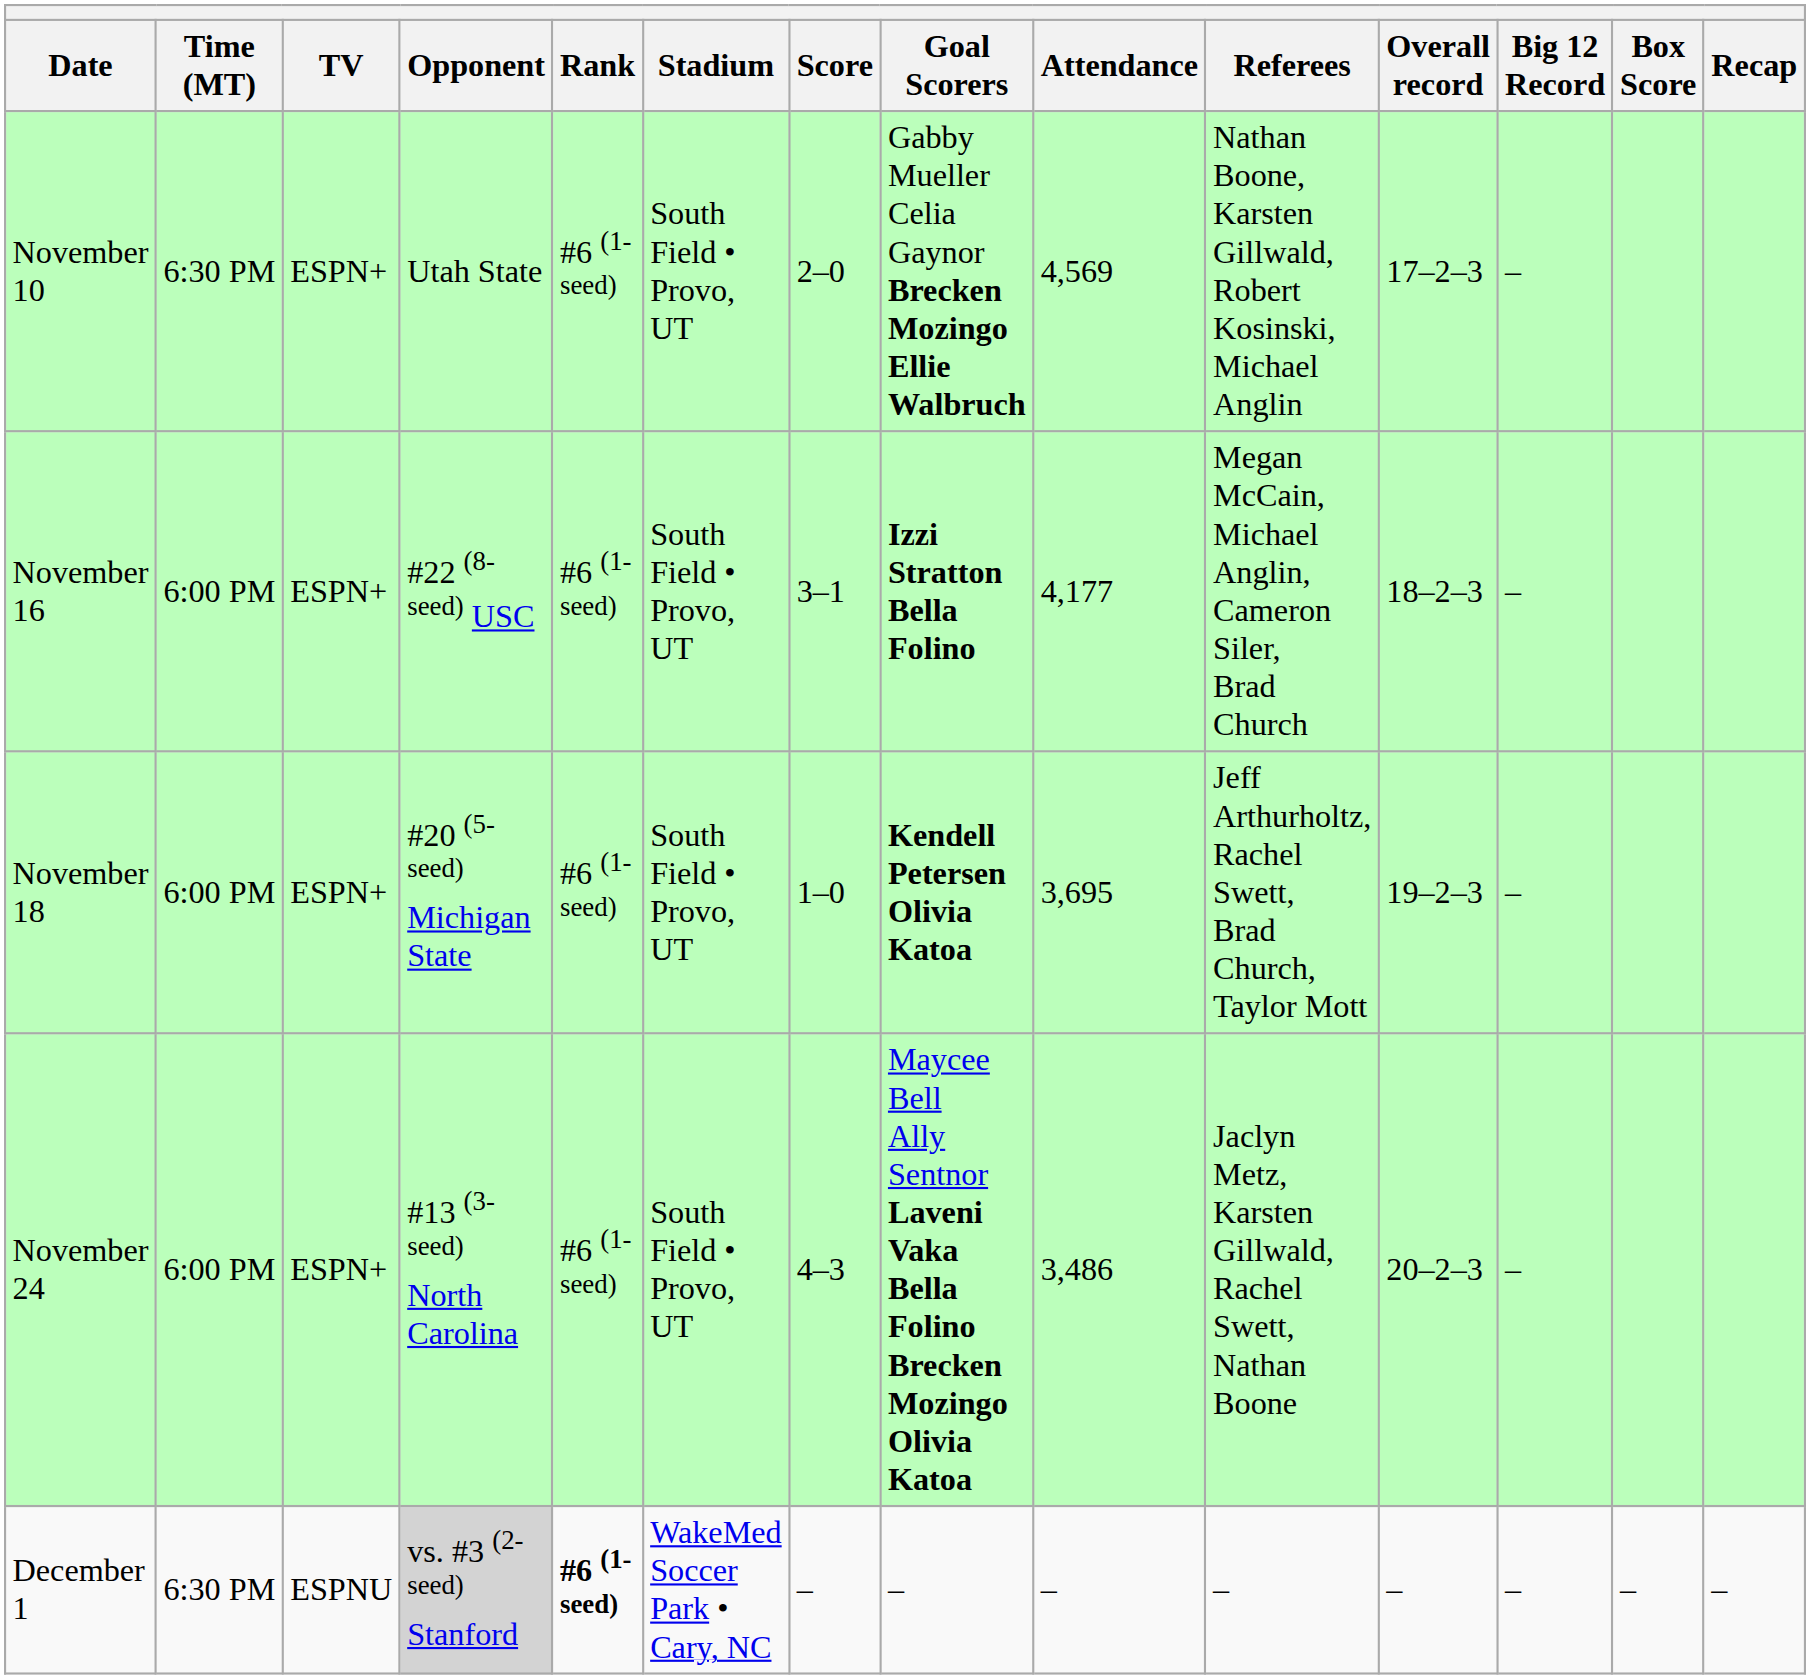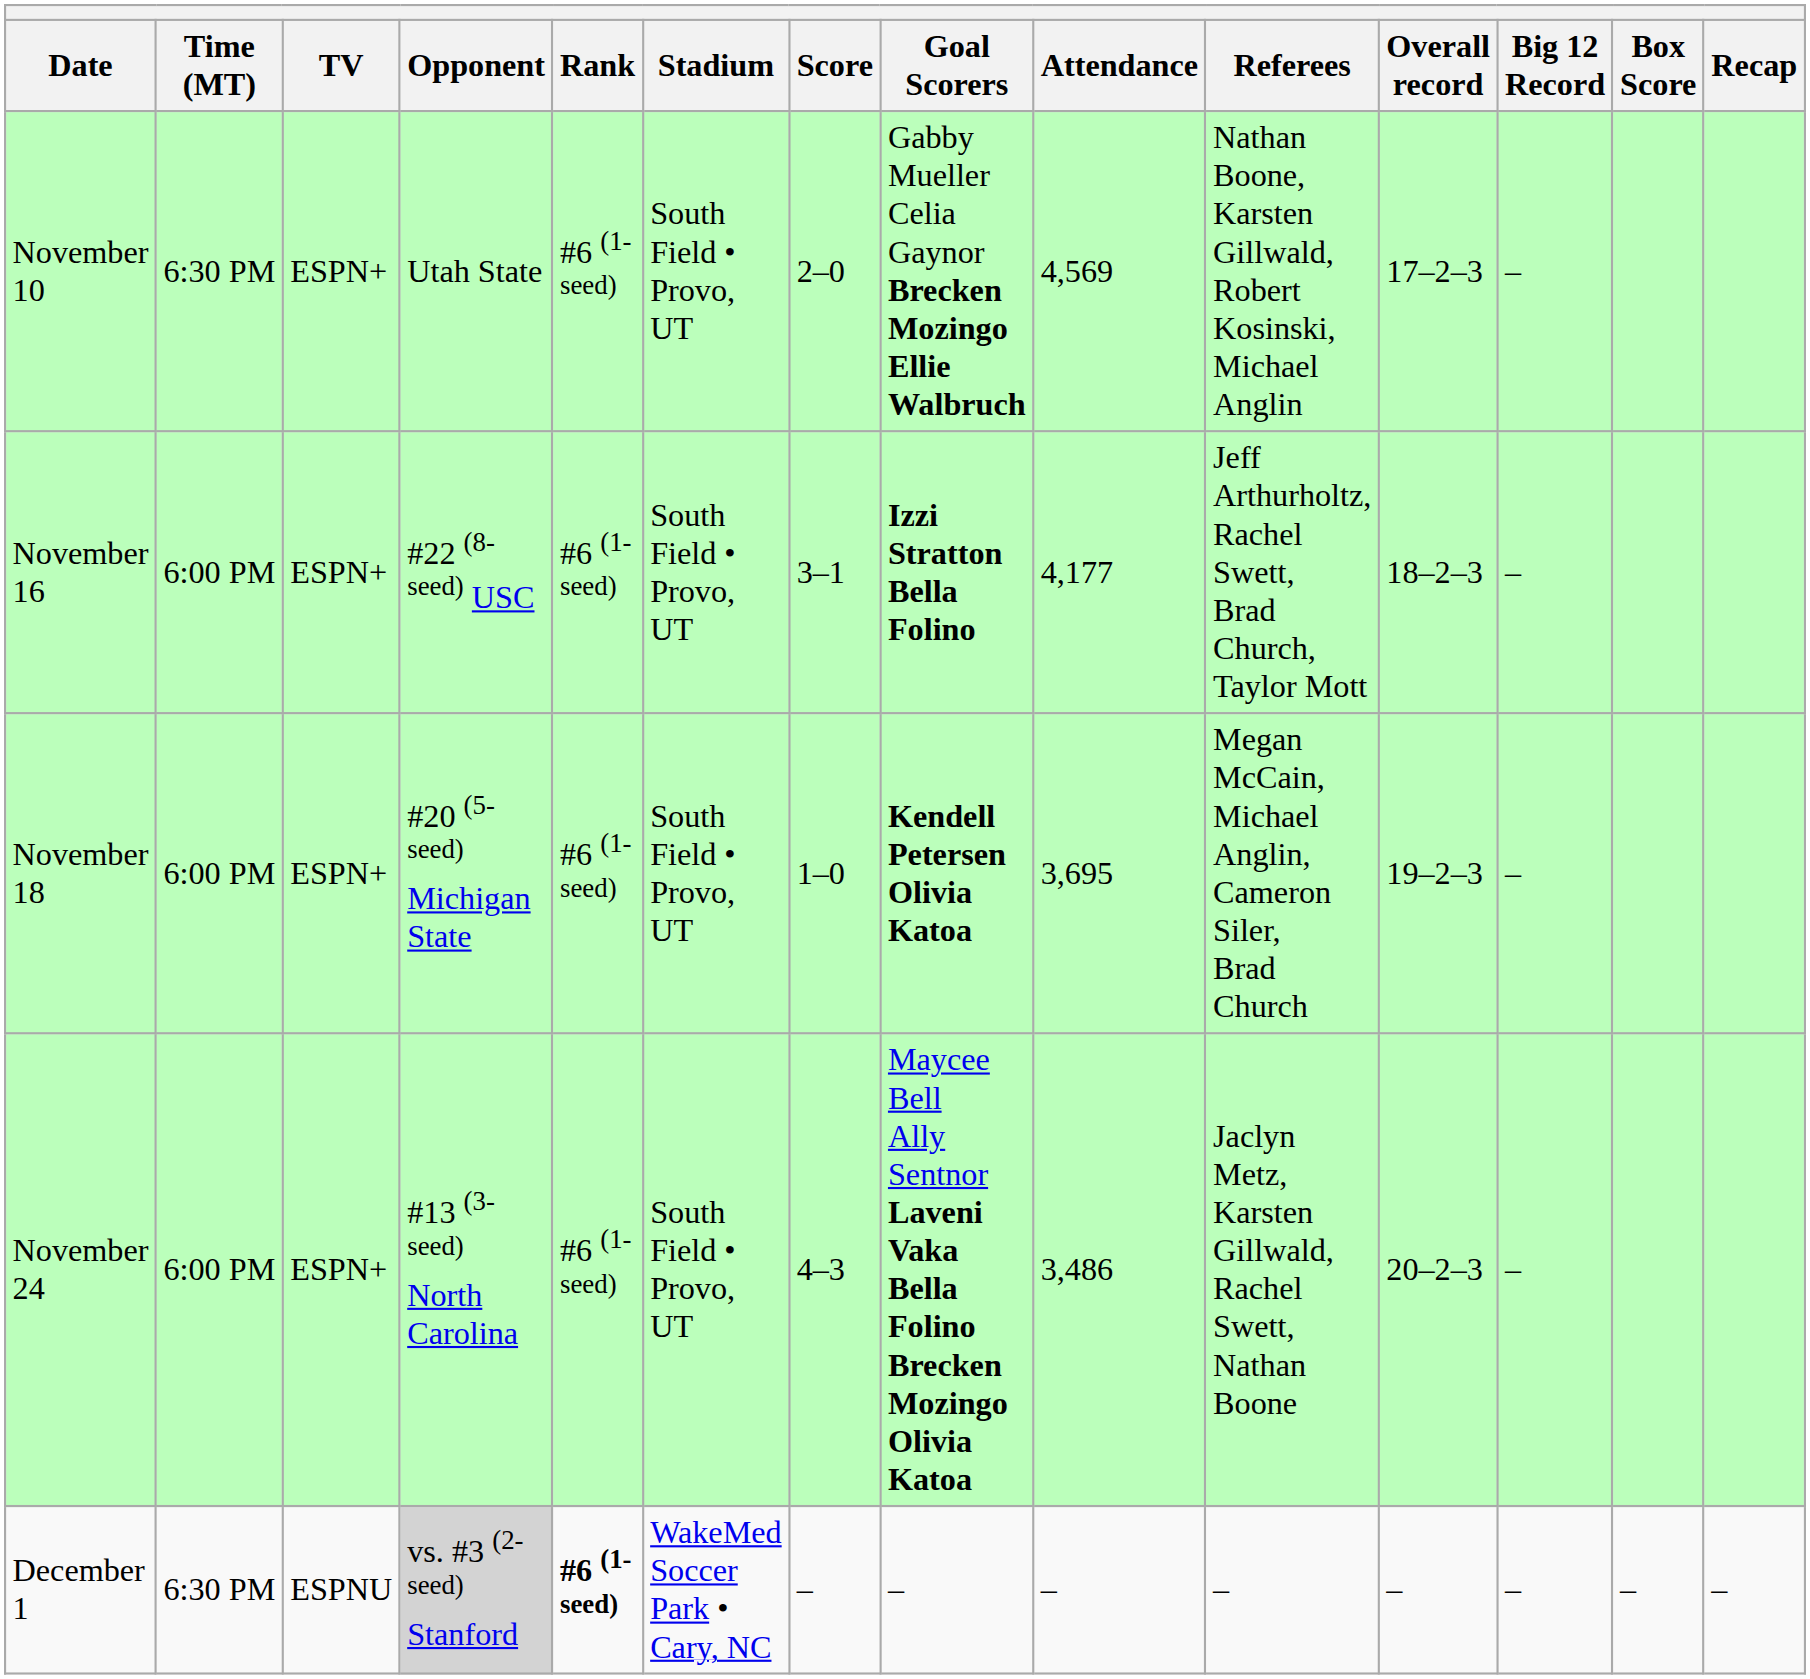 <table class="wikitable collapsible collapsed" style="margin:auto; font-size:95%; width:100%">
 <tr>
 <th colspan=14 style="padding-left:4em;"></th>
 </tr>
 <tr>
 <th>Date</th>
 <th>Time (MT)</th>
 <th>TV</th>
 <th>Opponent</th>
 <th>Rank</th>
 <th>Stadium</th>
 <th>Score</th>
 <th>Goal Scorers</th>
 <th>Attendance</th>
 <th>Referees</th>
 <th>Overall record</th>
 <th>Big 12 Record</th>
 <th>Box Score</th>
 <th>Recap</th>
 </tr>
 <tr bgcolor=bbffbb>
 <td>November 10</td>
 <td>6:30 PM</td>
 <td>ESPN+</td>
 <td>Utah State</td>
 <td>#6 <sup>(1-seed)</sup></td>
 <td>South Field • Provo, UT</td>
 <td>2–0</td>
 <td> Gabby Mueller <br>  Celia Gaynor <br> <strong>Brecken Mozingo</strong>  <br> <strong>Ellie Walbruch</strong> </td>
 <td>4,569</td>
 <td>Nathan Boone, <br> Karsten Gillwald, <br> Robert Kosinski, <br> Michael Anglin</td>
 <td>17–2–3</td>
 <td>–</td>
 <td></td>
 <td></td>
 </tr>
 <tr bgcolor=bbffbb>
 <td>November 16</td>
 <td>6:00 PM</td>
 <td>ESPN+</td>
 <td>#22 <sup>(8-seed)</sup> <a href='#'>USC</a></td>
 <td>#6 <sup>(1-seed)</sup></td>
 <td>South Field • Provo, UT</td>
 <td>3–1</td>
 <td><strong>Izzi Stratton</strong>  <br> <strong>Bella Folino</strong> </td>
 <td>4,177</td>
-<td>Megan McCain, <br> Michael Anglin, <br> Cameron Siler, <br> Brad Church</td>
+<td>Jeff Arthurholtz, <br> Rachel Swett, <br> Brad Church, <br> Taylor Mott</td>
 <td>18–2–3</td>
 <td>–</td>
 <td></td>
 <td></td>
 </tr>
 <tr bgcolor=bbffbb>
 <td>November 18</td>
 <td>6:00 PM</td>
 <td>ESPN+</td>
 <td>#20 <sup>(5-seed)</sup> <a href='#'>Michigan State</a></td>
 <td>#6 <sup>(1-seed)</sup></td>
 <td>South Field • Provo, UT</td>
 <td>1–0</td>
 <td><strong>Kendell Petersen</strong>  <br> <strong>Olivia Katoa</strong> </td>
 <td>3,695</td>
-<td>Jeff Arthurholtz, <br> Rachel Swett, <br> Brad Church, <br> Taylor Mott</td>
+<td>Megan McCain, <br> Michael Anglin, <br> Cameron Siler, <br> Brad Church</td>
 <td>19–2–3</td>
 <td>–</td>
 <td></td>
 <td></td>
 </tr>
 <tr bgcolor=bbffbb>
 <td>November 24</td>
 <td>6:00 PM</td>
 <td>ESPN+</td>
 <td>#13 <sup>(3-seed)</sup> <a href='#'>North Carolina</a></td>
 <td>#6 <sup>(1-seed)</sup></td>
 <td>South Field • Provo, UT</td>
 <td>4–3</td>
 <td> <a href='#'>Maycee Bell</a> <br>  <a href='#'>Ally Sentnor</a> <br> <strong>Laveni Vaka</strong>  <br> <strong>Bella Folino</strong>  <br> <strong>Brecken Mozingo</strong>  <br> <strong>Olivia Katoa</strong> </td>
 <td>3,486</td>
 <td>Jaclyn Metz, <br> Karsten Gillwald, <br> Rachel Swett, <br> Nathan Boone</td>
 <td>20–2–3</td>
 <td>–</td>
 <td></td>
 <td></td>
 </tr>
 <tr>
 <td>December 1</td>
 <td>6:30 PM</td>
 <td>ESPNU</td>
 <td style="background: lightgrey;">vs. #3 <sup>(2-seed)</sup> <a href='#'>Stanford</a></td>
 <td><strong>#6 <sup>(1-seed)</sup></strong></td>
 <td><a href='#'>WakeMed Soccer Park</a> • <a href='#'>Cary, NC</a></td>
 <td>–</td>
 <td>–</td>
 <td>–</td>
 <td>–</td>
 <td>–</td>
 <td>–</td>
 <td>–</td>
 <td>–</td>
 </tr>
 </table>
